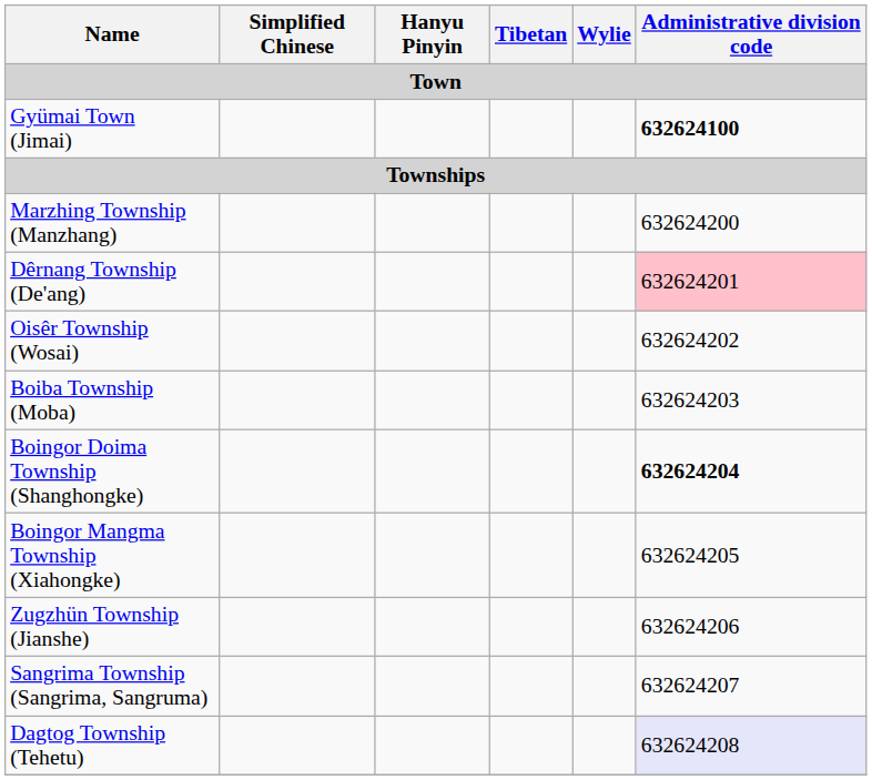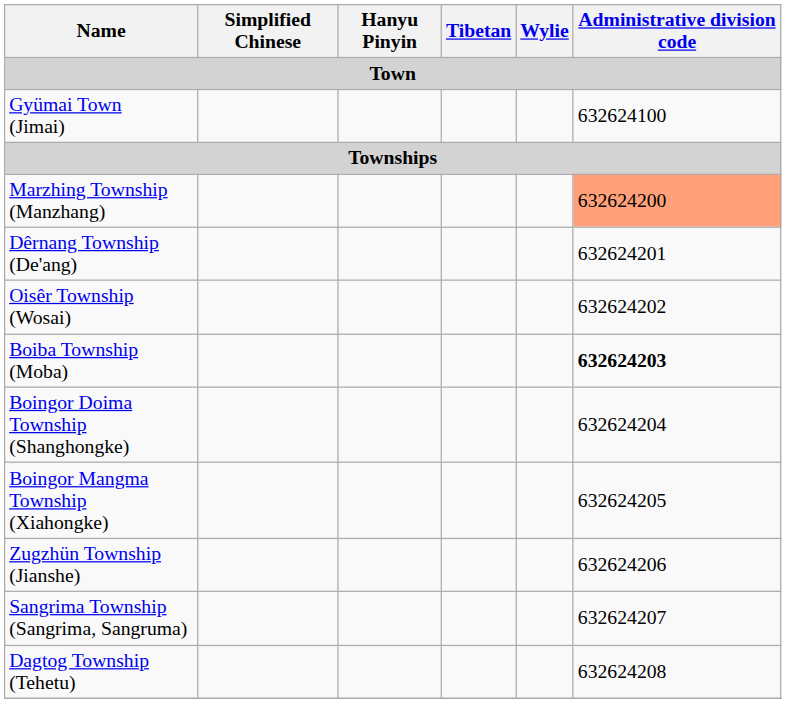 <table class="wikitable" align="center" style="width:50%; border="1">
 <tr>
 <th>Name</th>
 <th>Simplified Chinese</th>
 <th>Hanyu Pinyin</th>
 <th><a href='#'>Tibetan</a></th>
 <th><a href='#'>Wylie</a></th>
 <th><a href='#'>Administrative division code</a></th>
 </tr>
 <tr>
 <td colspan="7"  style="text-align:center; background:#d3d3d3;"><strong>Town</strong></td>
 </tr>
 <tr --------->
 <td><a href='#'>Gyümai Town</a><br>(Jimai)</td>
 <td></td>
 <td></td>
 <td></td>
 <td></td>
-<td><strong>632624100</strong></td>
+<td>632624100</td>
 </tr>
 <tr>
 <td colspan="7"  style="text-align:center; background:#d3d3d3;"><strong>Townships</strong></td>
 </tr>
 <tr --------->
 <td><a href='#'>Marzhing Township</a><br>(Manzhang)</td>
 <td></td>
 <td></td>
 <td></td>
 <td></td>
-<td>632624200</td>
+<td style="background: lightsalmon;">632624200</td>
 </tr>
 <tr>
 <td><a href='#'>Dêrnang Township</a><br>(De'ang)</td>
 <td></td>
 <td></td>
 <td></td>
 <td></td>
-<td style="background: pink;">632624201</td>
+<td>632624201</td>
 </tr>
 <tr>
 <td><a href='#'>Oisêr Township</a><br>(Wosai)</td>
 <td></td>
 <td></td>
 <td></td>
 <td></td>
 <td>632624202</td>
 </tr>
 <tr>
 <td><a href='#'>Boiba Township</a><br>(Moba)</td>
 <td></td>
 <td></td>
 <td></td>
 <td></td>
-<td>632624203</td>
+<td><strong>632624203</strong></td>
 </tr>
 <tr>
 <td><a href='#'>Boingor Doima Township</a><br>(Shanghongke)</td>
 <td></td>
 <td></td>
 <td></td>
 <td></td>
-<td><strong>632624204</strong></td>
+<td>632624204</td>
 </tr>
 <tr>
 <td><a href='#'>Boingor Mangma Township</a><br>(Xiahongke)</td>
 <td></td>
 <td></td>
 <td></td>
 <td></td>
 <td>632624205</td>
 </tr>
 <tr>
 <td><a href='#'>Zugzhün Township</a><br>(Jianshe)</td>
 <td></td>
 <td></td>
 <td></td>
 <td></td>
 <td>632624206</td>
 </tr>
 <tr>
 <td><a href='#'>Sangrima Township</a><br>(Sangrima, Sangruma)</td>
 <td></td>
 <td></td>
 <td></td>
 <td></td>
 <td>632624207</td>
 </tr>
 <tr>
 <td><a href='#'>Dagtog Township</a><br>(Tehetu)</td>
 <td></td>
 <td></td>
 <td></td>
 <td></td>
-<td style="background: lavender;">632624208</td>
+<td>632624208</td>
 </tr>
 <tr>
 </tr>
 </table>
